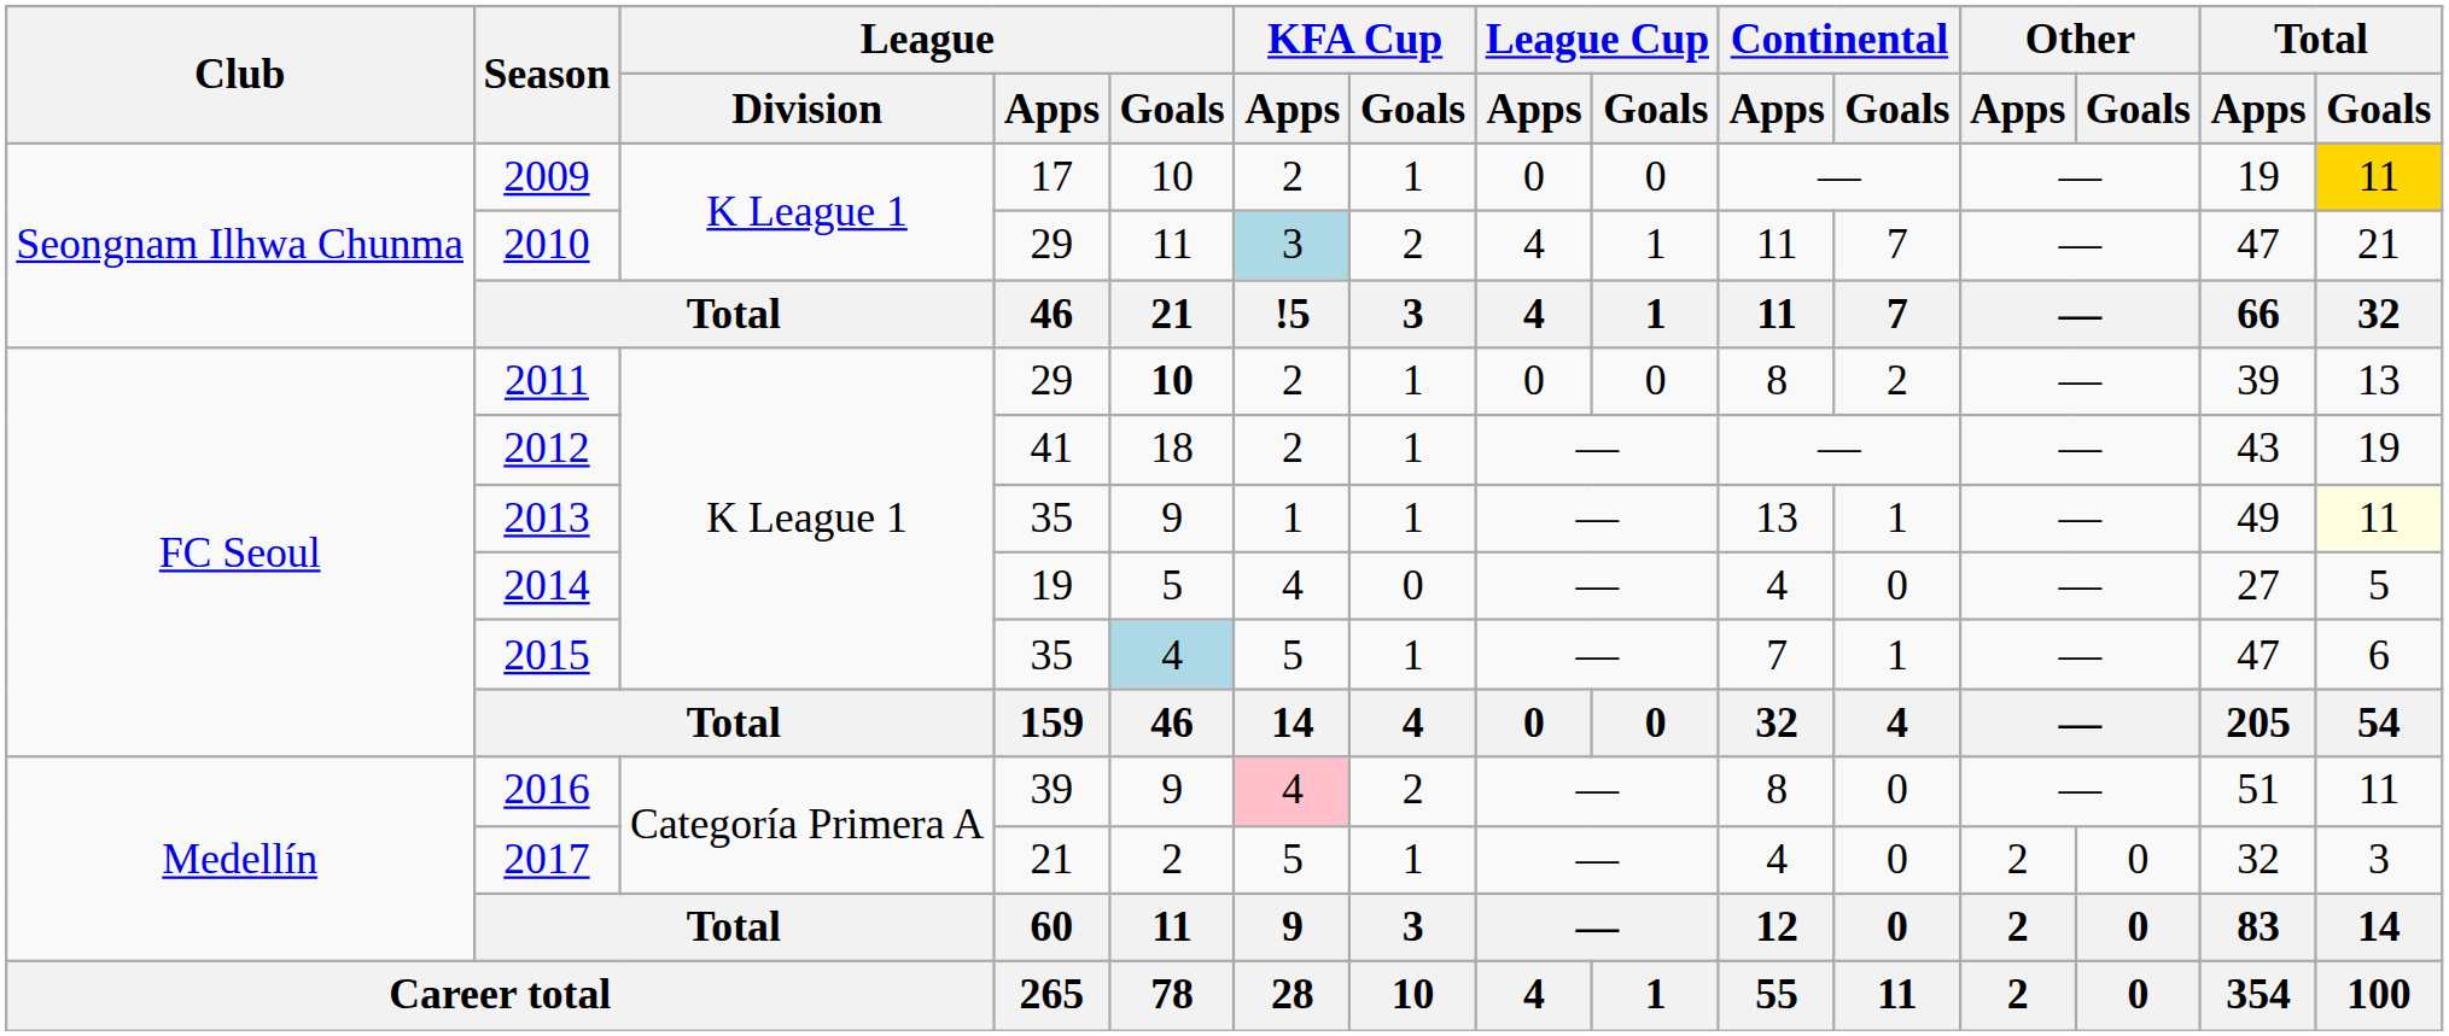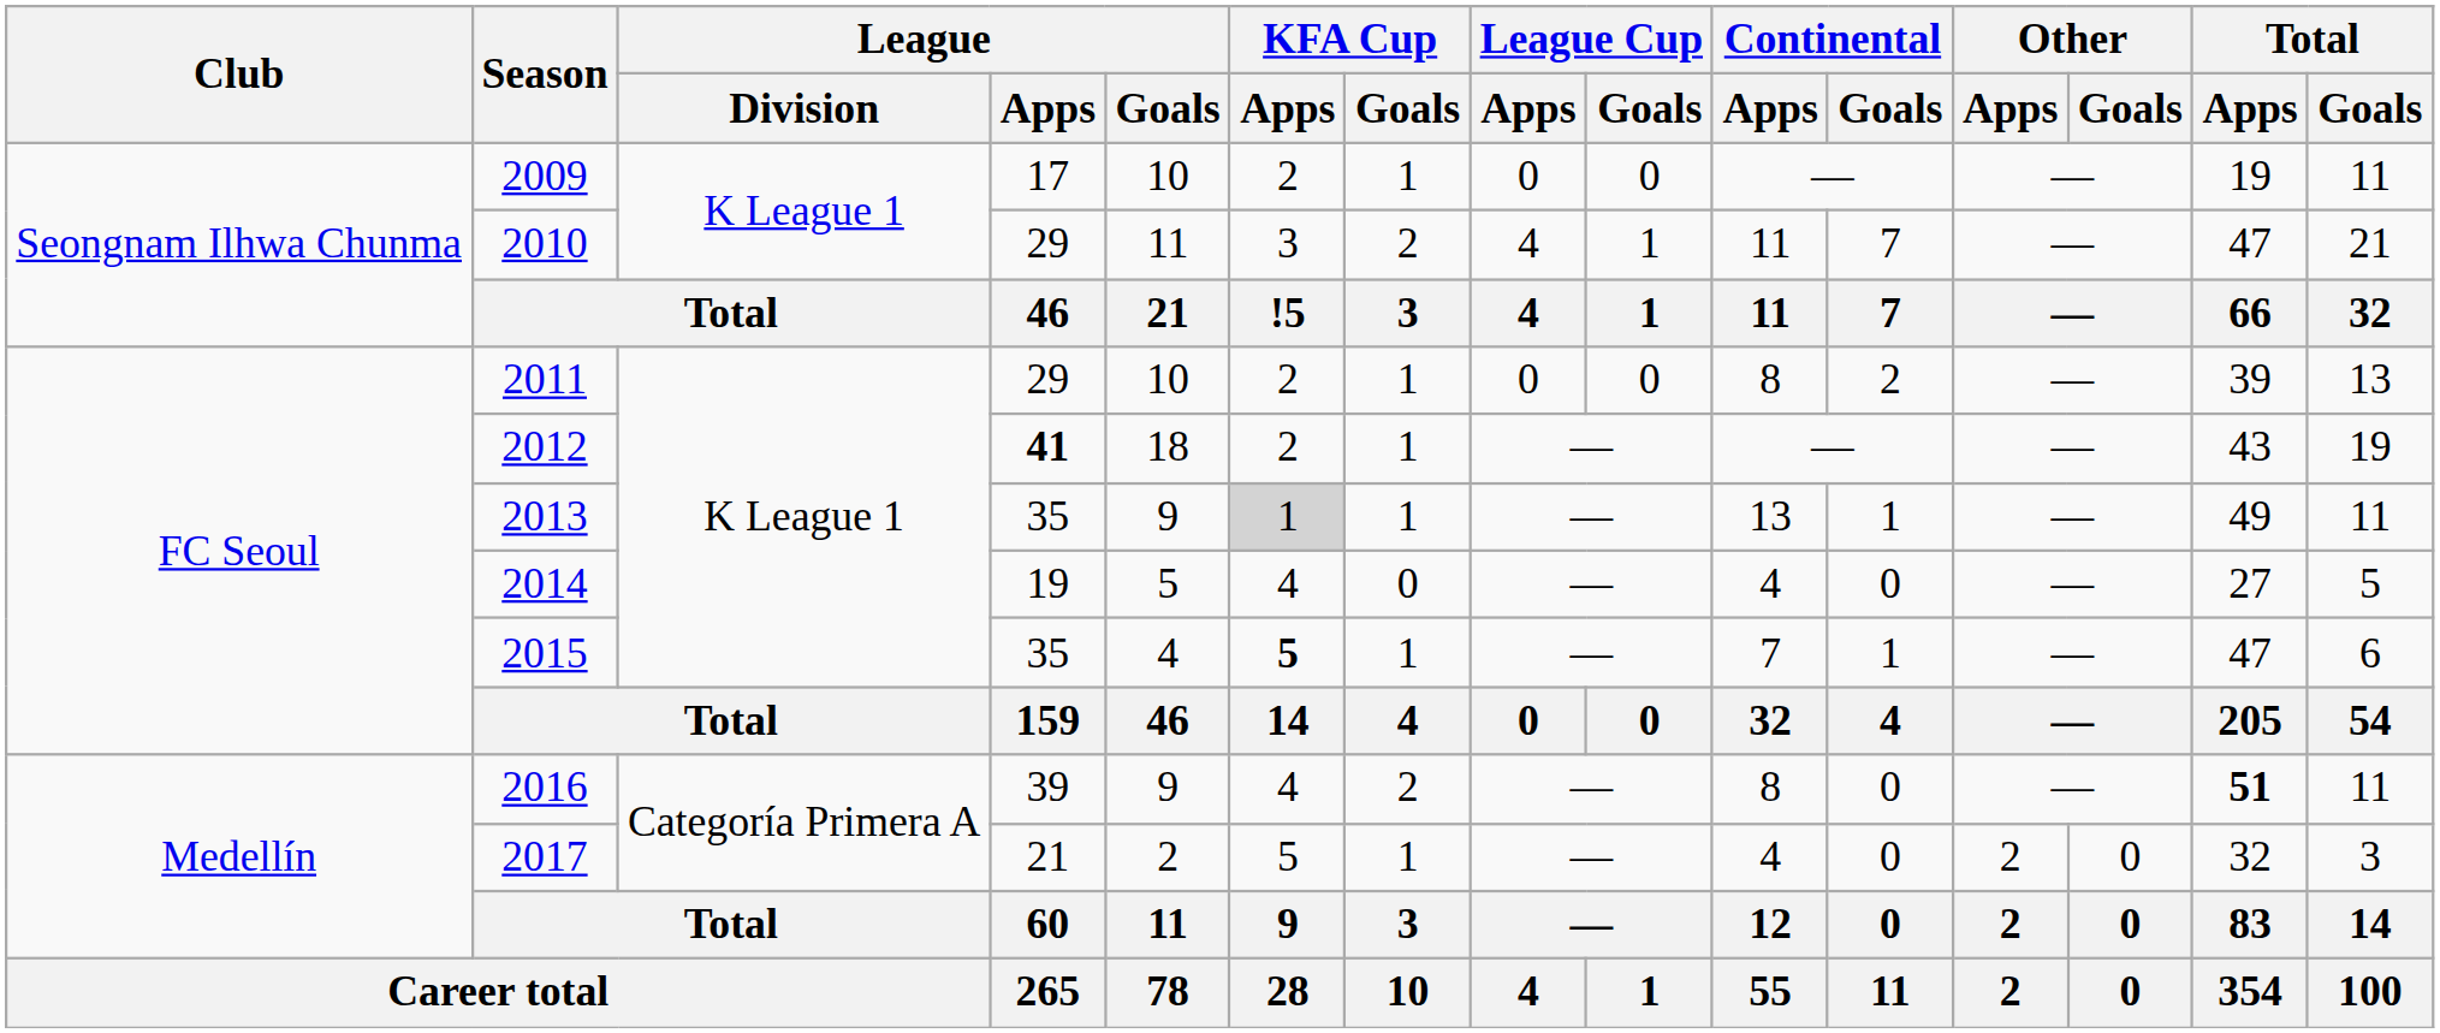 <table class="wikitable" style="text-align:center">
 <tr>
 <th rowspan="2">Club</th>
 <th rowspan="2">Season</th>
 <th colspan="3">League</th>
 <th colspan="2"><a href='#'>KFA Cup</a></th>
 <th colspan="2"><a href='#'>League Cup</a></th>
 <th colspan="2"><a href='#'>Continental</a></th>
 <th colspan="2">Other</th>
 <th colspan="2">Total</th>
 </tr>
 <tr>
 <th>Division</th>
 <th>Apps</th>
 <th>Goals</th>
 <th>Apps</th>
 <th>Goals</th>
 <th>Apps</th>
 <th>Goals</th>
 <th>Apps</th>
 <th>Goals</th>
 <th>Apps</th>
 <th>Goals</th>
 <th>Apps</th>
 <th>Goals</th>
 </tr>
 <tr>
 <td rowspan="3"><a href='#'>Seongnam Ilhwa Chunma</a></td>
 <td><a href='#'>2009</a></td>
 <td rowspan="2"><a href='#'>K League 1</a></td>
 <td>17</td>
 <td>10</td>
 <td>2</td>
 <td>1</td>
 <td>0</td>
 <td>0</td>
 <td colspan="2">—</td>
 <td colspan="2">—</td>
 <td>19</td>
-<td style="background: gold;">11</td>
+<td>11</td>
 </tr>
 <tr>
 <td><a href='#'>2010</a></td>
 <td>29</td>
 <td>11</td>
-<td style="background: lightblue;">3</td>
+<td>3</td>
 <td>2</td>
 <td>4</td>
 <td>1</td>
 <td>11</td>
 <td>7</td>
 <td colspan="2">—</td>
 <td>47</td>
 <td>21</td>
 </tr>
 <tr>
 <th colspan="2">Total</th>
 <th>46</th>
 <th>21</th>
 <th>!5</th>
 <th>3</th>
 <th>4</th>
 <th>1</th>
 <th>11</th>
 <th>7</th>
 <th colspan="2">—</th>
 <th>66</th>
 <th>32</th>
 </tr>
 <tr>
 <td rowspan="6"><a href='#'>FC Seoul</a></td>
 <td><a href='#'>2011</a></td>
 <td rowspan="5">K League 1</td>
 <td>29</td>
-<td><strong>10</strong></td>
+<td>10</td>
 <td>2</td>
 <td>1</td>
 <td>0</td>
 <td>0</td>
 <td>8</td>
 <td>2</td>
 <td colspan="2">—</td>
 <td>39</td>
 <td>13</td>
 </tr>
 <tr>
 <td><a href='#'>2012</a></td>
-<td>41</td>
+<td><strong>41</strong></td>
 <td>18</td>
 <td>2</td>
 <td>1</td>
 <td colspan="2">—</td>
 <td colspan="2">—</td>
 <td colspan="2">—</td>
 <td>43</td>
 <td>19</td>
 </tr>
 <tr>
 <td><a href='#'>2013</a></td>
 <td>35</td>
 <td>9</td>
-<td>1</td>
+<td style="background: lightgrey;">1</td>
 <td>1</td>
 <td colspan="2">—</td>
 <td>13</td>
 <td>1</td>
 <td colspan="2">—</td>
 <td>49</td>
-<td style="background: lightyellow;">11</td>
+<td>11</td>
 </tr>
 <tr>
 <td><a href='#'>2014</a></td>
 <td>19</td>
 <td>5</td>
 <td>4</td>
 <td>0</td>
 <td colspan="2">—</td>
 <td>4</td>
 <td>0</td>
 <td colspan="2">—</td>
 <td>27</td>
 <td>5</td>
 </tr>
 <tr>
 <td><a href='#'>2015</a></td>
 <td>35</td>
-<td style="background: lightblue;">4</td>
-<td>5</td>
+<td>4</td>
+<td><strong>5</strong></td>
 <td>1</td>
 <td colspan="2">—</td>
 <td>7</td>
 <td>1</td>
 <td colspan="2">—</td>
 <td>47</td>
 <td>6</td>
 </tr>
 <tr>
 <th colspan="2">Total</th>
 <th>159</th>
 <th>46</th>
 <th>14</th>
 <th>4</th>
 <th>0</th>
 <th>0</th>
 <th>32</th>
 <th>4</th>
 <th colspan="2">—</th>
 <th>205</th>
 <th>54</th>
 </tr>
 <tr>
 <td rowspan="3"><a href='#'>Medellín</a></td>
 <td><a href='#'>2016</a></td>
 <td rowspan="2">Categoría Primera A</td>
 <td>39</td>
 <td>9</td>
-<td style="background: pink;">4</td>
+<td>4</td>
 <td>2</td>
 <td colspan="2">—</td>
 <td>8</td>
 <td>0</td>
 <td colspan="2">—</td>
-<td>51</td>
+<td><strong>51</strong></td>
 <td>11</td>
 </tr>
 <tr>
 <td><a href='#'>2017</a></td>
 <td>21</td>
 <td>2</td>
 <td>5</td>
 <td>1</td>
 <td colspan="2">—</td>
 <td>4</td>
 <td>0</td>
 <td>2</td>
 <td>0</td>
 <td>32</td>
 <td>3</td>
 </tr>
 <tr>
 <th colspan="2">Total</th>
 <th>60</th>
 <th>11</th>
 <th>9</th>
 <th>3</th>
 <th colspan="2">—</th>
 <th>12</th>
 <th>0</th>
 <th>2</th>
 <th>0</th>
 <th>83</th>
 <th>14</th>
 </tr>
 <tr>
 <th colspan="3">Career total</th>
 <th>265</th>
 <th>78</th>
 <th>28</th>
 <th>10</th>
 <th>4</th>
 <th>1</th>
 <th>55</th>
 <th>11</th>
 <th>2</th>
 <th>0</th>
 <th>354</th>
 <th>100</th>
 </tr>
 </table>
